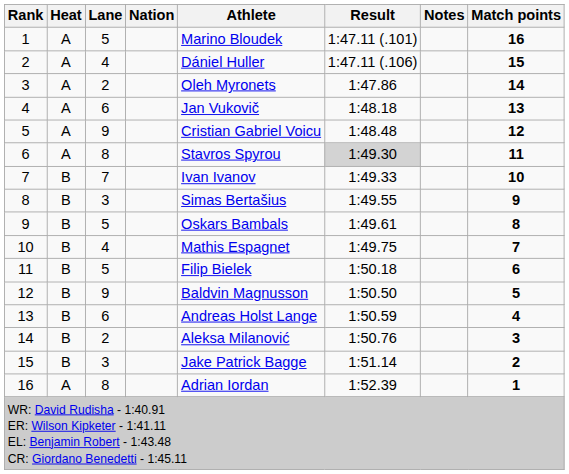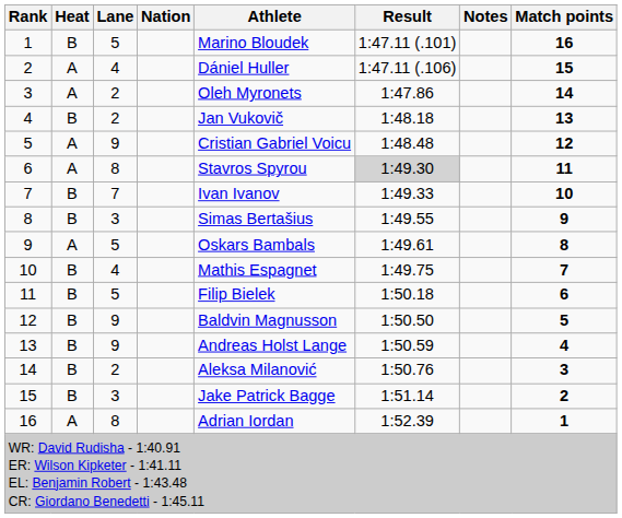 <table class="wikitable sortable" style="text-align:left;">
 <tr>
 <th>Rank</th>
 <th>Heat</th>
 <th>Lane</th>
 <th>Nation</th>
 <th>Athlete</th>
 <th>Result</th>
 <th>Notes</th>
 <th>Match points</th>
 </tr>
 <tr>
 <td align=center>1</td>
-<td align=center>A</td>
+<td align=center>B</td>
 <td align=center>5</td>
 <td></td>
 <td><a href='#'>Marino Bloudek</a></td>
 <td align=center>1:47.11 (.101)</td>
 <td></td>
 <td align=center><strong>16</strong></td>
 </tr>
 <tr>
 <td align=center>2</td>
 <td align=center>A</td>
 <td align=center>4</td>
 <td></td>
 <td><a href='#'>Dániel Huller</a></td>
 <td align=center>1:47.11 (.106)</td>
 <td></td>
 <td align=center><strong>15</strong></td>
 </tr>
 <tr>
 <td align=center>3</td>
 <td align=center>A</td>
 <td align=center>2</td>
 <td></td>
 <td><a href='#'>Oleh Myronets</a></td>
 <td align=center>1:47.86</td>
 <td align=center></td>
 <td align=center><strong>14</strong></td>
 </tr>
 <tr>
 <td align=center>4</td>
-<td align=center>A</td>
-<td align=center>6</td>
+<td align=center>B</td>
+<td align=center>2</td>
 <td></td>
 <td><a href='#'>Jan Vukovič</a></td>
 <td align=center>1:48.18</td>
 <td></td>
 <td align=center><strong>13</strong></td>
 </tr>
 <tr>
 <td align=center>5</td>
 <td align=center>A</td>
 <td align=center>9</td>
 <td></td>
 <td><a href='#'>Cristian Gabriel Voicu</a></td>
 <td align=center>1:48.48</td>
 <td></td>
 <td align=center><strong>12</strong></td>
 </tr>
 <tr>
 <td align=center>6</td>
 <td align=center>A</td>
 <td align=center>8</td>
 <td></td>
 <td><a href='#'>Stavros Spyrou</a></td>
 <td align=center style="background: lightgrey;">1:49.30</td>
 <td></td>
 <td align=center><strong>11</strong></td>
 </tr>
 <tr>
 <td align=center>7</td>
 <td align=center>B</td>
 <td align=center>7</td>
 <td></td>
 <td><a href='#'>Ivan Ivanov</a></td>
 <td align=center>1:49.33</td>
 <td align=center></td>
 <td align=center><strong>10</strong></td>
 </tr>
 <tr>
 <td align=center>8</td>
 <td align=center>B</td>
 <td align=center>3</td>
 <td></td>
 <td><a href='#'>Simas Bertašius</a></td>
 <td align=center>1:49.55</td>
 <td align=center></td>
 <td align=center><strong>9</strong></td>
 </tr>
 <tr>
 <td align=center>9</td>
-<td align=center>B</td>
+<td align=center>A</td>
 <td align=center>5</td>
 <td></td>
 <td><a href='#'>Oskars Bambals</a></td>
 <td align=center>1:49.61</td>
 <td></td>
 <td align=center><strong>8</strong></td>
 </tr>
 <tr>
 <td align=center>10</td>
 <td align=center>B</td>
 <td align=center>4</td>
 <td></td>
 <td><a href='#'>Mathis Espagnet</a></td>
 <td align=center>1:49.75</td>
 <td></td>
 <td align=center><strong>7</strong></td>
 </tr>
 <tr>
 <td align=center>11</td>
 <td align=center>B</td>
 <td align=center>5</td>
 <td></td>
 <td><a href='#'>Filip Bielek</a></td>
 <td align=center>1:50.18</td>
 <td align=center></td>
 <td align=center><strong>6</strong></td>
 </tr>
 <tr>
 <td align=center>12</td>
 <td align=center>B</td>
 <td align=center>9</td>
 <td></td>
 <td><a href='#'>Baldvin Magnusson</a></td>
 <td align=center>1:50.50</td>
 <td align=center></td>
 <td align=center><strong>5</strong></td>
 </tr>
 <tr>
 <td align=center>13</td>
 <td align=center>B</td>
-<td align=center>6</td>
+<td align=center>9</td>
 <td></td>
 <td><a href='#'>Andreas Holst Lange</a></td>
 <td align=center>1:50.59</td>
 <td align=center></td>
 <td align=center><strong>4</strong></td>
 </tr>
 <tr>
 <td align=center>14</td>
 <td align=center>B</td>
 <td align=center>2</td>
 <td></td>
 <td><a href='#'>Aleksa Milanović</a></td>
 <td align=center>1:50.76</td>
 <td align=center></td>
 <td align=center><strong>3</strong></td>
 </tr>
 <tr>
 <td align=center>15</td>
 <td align=center>B</td>
 <td align=center>3</td>
 <td></td>
 <td><a href='#'>Jake Patrick Bagge</a></td>
 <td align=center>1:51.14</td>
 <td></td>
 <td align=center><strong>2</strong></td>
 </tr>
 <tr>
 <td align=center>16</td>
 <td align=center>A</td>
 <td align=center>8</td>
 <td></td>
 <td><a href='#'>Adrian Iordan</a></td>
 <td align=center>1:52.39</td>
 <td></td>
 <td align=center><strong>1</strong></td>
 </tr>
 <tr>
 <td colspan="8" bgcolor="#cccccc"><small>WR:  <a href='#'>David Rudisha</a> - 1:40.91<br>ER:  <a href='#'>Wilson Kipketer</a> - 1:41.11<br></small><small>EL:   <a href='#'>Benjamin Robert</a> - 1:43.48<br>CR:  <a href='#'>Giordano Benedetti</a> - 1:45.11</small></td>
 </tr>
 </table>
